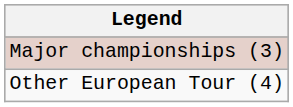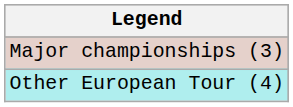 <table class="wikitable" style="font-size:95%;">
 <tr>
 <th>Legend</th>
 </tr>
 <tr style="background:#e5d1cb;">
 <td>Major championships (3)</td>
 </tr>
 <tr>
-<td>Other European Tour (4)</td>
+<td style="background: paleturquoise;">Other European Tour (4)</td>
 </tr>
 </table>
